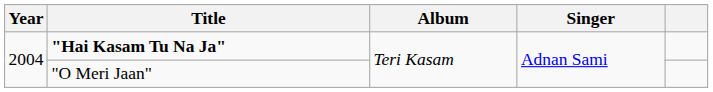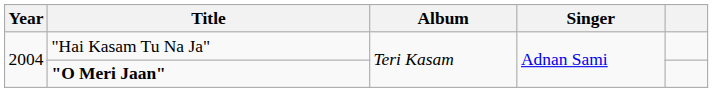 <table class="wikitable plainrowheaders unsortable" style="text-align: margin;">
 <tr>
 <th scope="col" style="width: 2em;">Year</th>
 <th scope="col" style="width: 18em;">Title</th>
 <th scope="col" style="width: 8em;">Album</th>
 <th scope="col" style="width: 8em;">Singer</th>
 <th scope="col" style="width: 2em;"></th>
 </tr>
 <tr>
 <td rowspan="2">2004</td>
-<td scope="row"><strong>"Hai Kasam Tu Na Ja"</strong></td>
+<td scope="row">"Hai Kasam Tu Na Ja"</td>
 <td rowspan="2"><em>Teri Kasam</em></td>
 <td rowspan="2"><a href='#'>Adnan Sami</a></td>
 <td></td>
 </tr>
 <tr>
-<td>"O Meri Jaan"</td>
+<td><strong>"O Meri Jaan"</strong></td>
 <td></td>
 </tr>
 </table>
